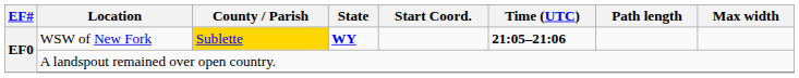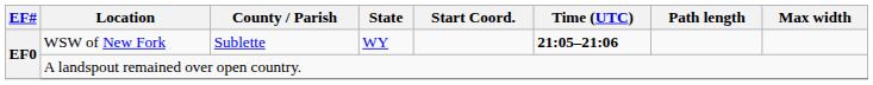 <table class="wikitable sortable" style="width:100%;">
 <tr>
 <th scope="col" width="2%" align="center"><a href='#'>EF#</a></th>
 <th scope="col" align="center" class="unsortable">Location</th>
 <th scope="col" align="center" class="unsortable">County / Parish</th>
 <th scope="col" align="center">State</th>
 <th scope="col" align="center">Start Coord.</th>
 <th scope="col" align="center">Time (<a href='#'>UTC</a>)</th>
 <th scope="col" align="center">Path length</th>
 <th scope="col" align="center">Max width</th>
 </tr>
 <tr>
 <th scope="row" rowspan="2" style="background-color:#">EF0</th>
 <td>WSW of <a href='#'>New Fork</a></td>
-<td style="background: gold;"><a href='#'>Sublette</a></td>
-<td><strong><a href='#'>WY</a></strong></td>
+<td><a href='#'>Sublette</a></td>
+<td><a href='#'>WY</a></td>
 <td></td>
 <td><strong>21:05–21:06</strong></td>
 <td></td>
 <td></td>
 </tr>
 <tr class="expand-child">
 <td colspan="8" style=" border-bottom: 1px solid black;">A landspout remained over open country.</td>
 </tr>
 <tr>
 </tr>
 </table>
